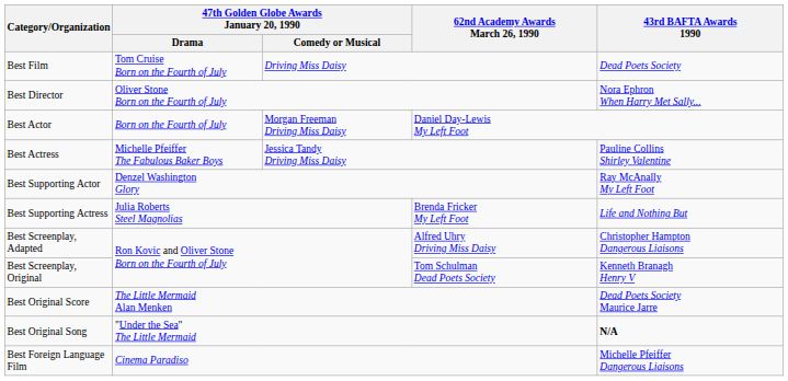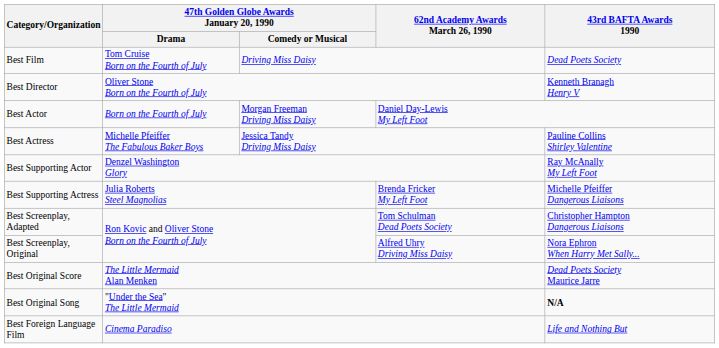 <table class="wikitable" style="font-size: 90%;">
 <tr>
 <th rowspan="2" style="width:20px;">Category/Organization</th>
 <th colspan="2" style="width:250px;"><a href='#'>47th Golden Globe Awards</a><br>January 20, 1990</th>
 <th rowspan="2" style="width:250px;"><a href='#'>62nd Academy Awards</a><br>March 26, 1990</th>
 <th rowspan="2" style="width:250px;"><a href='#'>43rd BAFTA Awards</a><br>1990</th>
 </tr>
 <tr>
 <th width=200>Drama</th>
 <th style="width:200px;">Comedy or Musical</th>
 </tr>
 <tr>
 <td>Best Film</td>
 <td><a href='#'>Tom Cruise</a><br><em><a href='#'>Born on the Fourth of July</a></em></td>
 <td colspan="2"><em><a href='#'>Driving Miss Daisy</a></em></td>
 <td><em><a href='#'>Dead Poets Society</a></em></td>
 </tr>
 <tr>
 <td>Best Director</td>
 <td colspan="3"><a href='#'>Oliver Stone</a><br><em><a href='#'>Born on the Fourth of July</a></em></td>
-<td><a href='#'>Nora Ephron</a><br><em><a href='#'>When Harry Met Sally...</a></em></td>
+<td><a href='#'>Kenneth Branagh</a><br><em><a href='#'>Henry V</a></em></td>
 </tr>
 <tr>
 <td>Best Actor</td>
 <td><em><a href='#'>Born on the Fourth of July</a></em></td>
 <td><a href='#'>Morgan Freeman</a><br><em><a href='#'>Driving Miss Daisy</a></em></td>
 <td colspan="2"><a href='#'>Daniel Day-Lewis</a><br><em><a href='#'>My Left Foot</a></em></td>
 </tr>
 <tr>
 <td>Best Actress</td>
 <td><a href='#'>Michelle Pfeiffer</a><br><em><a href='#'>The Fabulous Baker Boys</a></em></td>
 <td colspan="2"><a href='#'>Jessica Tandy</a><br><em><a href='#'>Driving Miss Daisy</a></em></td>
 <td><a href='#'>Pauline Collins</a><br><em><a href='#'>Shirley Valentine</a></em></td>
 </tr>
 <tr>
 <td>Best Supporting Actor</td>
 <td colspan="3"><a href='#'>Denzel Washington</a><br><em><a href='#'>Glory</a></em></td>
 <td><a href='#'>Ray McAnally</a><br><em><a href='#'>My Left Foot</a></em></td>
 </tr>
 <tr>
 <td>Best Supporting Actress</td>
 <td colspan="2"><a href='#'>Julia Roberts</a><br><em><a href='#'>Steel Magnolias</a></em></td>
 <td><a href='#'>Brenda Fricker</a><br><em><a href='#'>My Left Foot</a></em></td>
-<td><em><a href='#'>Life and Nothing But</a></em></td>
+<td><a href='#'>Michelle Pfeiffer</a><br><em><a href='#'>Dangerous Liaisons</a></em></td>
 </tr>
 <tr>
 <td>Best Screenplay, Adapted</td>
 <td rowspan="2" colspan="2"><a href='#'>Ron Kovic</a> and <a href='#'>Oliver Stone</a><br><em><a href='#'>Born on the Fourth of July</a></em></td>
-<td><a href='#'>Alfred Uhry</a><br><em><a href='#'>Driving Miss Daisy</a></em></td>
+<td><a href='#'>Tom Schulman</a><br><em><a href='#'>Dead Poets Society</a></em></td>
 <td><a href='#'>Christopher Hampton</a><br><em><a href='#'>Dangerous Liaisons</a></em></td>
 </tr>
 <tr>
 <td>Best Screenplay, Original</td>
-<td><a href='#'>Tom Schulman</a><br><em><a href='#'>Dead Poets Society</a></em></td>
-<td><a href='#'>Kenneth Branagh</a><br><em><a href='#'>Henry V</a></em></td>
+<td><a href='#'>Alfred Uhry</a><br><em><a href='#'>Driving Miss Daisy</a></em></td>
+<td><a href='#'>Nora Ephron</a><br><em><a href='#'>When Harry Met Sally...</a></em></td>
 </tr>
 <tr>
 <td>Best Original Score</td>
 <td colspan="3"><em><a href='#'>The Little Mermaid</a></em><br><a href='#'>Alan Menken</a></td>
 <td><em><a href='#'>Dead Poets Society</a></em><br><a href='#'>Maurice Jarre</a></td>
 </tr>
 <tr>
 <td>Best Original Song</td>
 <td colspan="3">"<a href='#'>Under the Sea</a>"<br><em><a href='#'>The Little Mermaid</a></em></td>
 <td><strong>N/A</strong></td>
 </tr>
 <tr>
 <td>Best Foreign Language Film</td>
 <td colspan="3"><em><a href='#'>Cinema Paradiso</a></em></td>
-<td><a href='#'>Michelle Pfeiffer</a><br><em><a href='#'>Dangerous Liaisons</a></em></td>
+<td><em><a href='#'>Life and Nothing But</a></em></td>
 </tr>
 </table>
